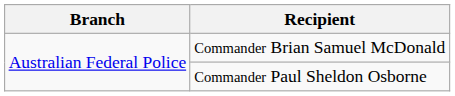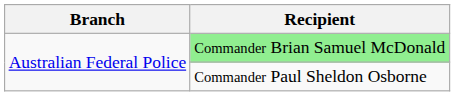 <table class="wikitable" style="font-size:95%;">
 <tr>
 <th>Branch</th>
 <th>Recipient</th>
 </tr>
 <tr>
 <td rowspan="2"><a href='#'>Australian Federal Police</a></td>
-<td><small>Commander</small> Brian Samuel McDonald</td>
+<td style="background: lightgreen;"><small>Commander</small> Brian Samuel McDonald</td>
 </tr>
 <tr>
 <td><small>Commander</small> Paul Sheldon Osborne</td>
 </tr>
 </table>
